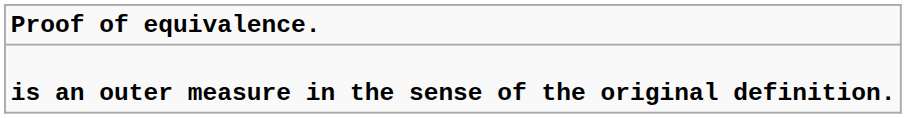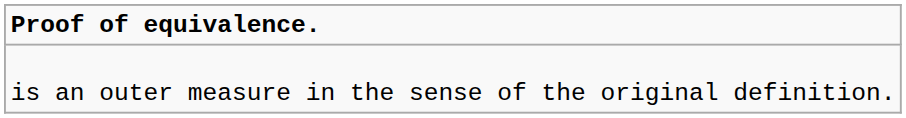 <table role="presentation" class="wikitable mw-collapsible mw-collapsed">
 <tr>
 <td><strong>Proof of equivalence.</strong></td>
 </tr>
 <tr>
-<td><strong><br> is an outer measure in the sense of the original definition.</strong></td>
+<td><br> is an outer measure in the sense of the original definition.</td>
 </tr>
 </table>
